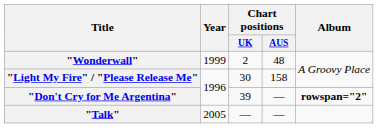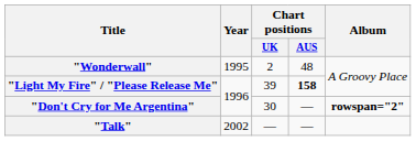 <table class="wikitable plainrowheaders" style="text-align:center;">
 <tr>
 <th rowspan="2">Title</th>
 <th rowspan="2">Year</th>
 <th colspan="2">Chart positions</th>
 <th rowspan="2">Album</th>
 </tr>
 <tr>
 <th scope="col" style="width:3em;font-size:85%;"><a href='#'>UK</a><br></th>
 <th scope="col" style="width:3em;font-size:85%;"><a href='#'>AUS</a><br></th>
 </tr>
 <tr>
 <th scope="row">"<a href='#'>Wonderwall</a>"</th>
-<td>1999</td>
+<td>1995</td>
 <td>2</td>
 <td>48</td>
 <td rowspan="2"><em>A Groovy Place</em></td>
 </tr>
 <tr>
 <th scope="row">"<a href='#'>Light My Fire</a>" / "<a href='#'>Please Release Me</a>"</th>
 <td rowspan="2">1996</td>
-<td>30</td>
-<td>158</td>
+<td>39</td>
+<td><strong>158</strong></td>
 </tr>
 <tr>
 <th scope="row">"<a href='#'>Don't Cry for Me Argentina</a>"</th>
-<td>39</td>
+<td>30</td>
 <td>—</td>
 <td><strong>rowspan="2" </strong></td>
 </tr>
 <tr>
 <th scope="row">"<a href='#'>Talk</a>"</th>
-<td>2005</td>
+<td>2002</td>
 <td>—</td>
 <td>—</td>
 </tr>
 </table>
